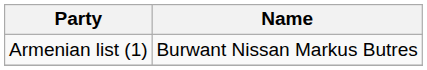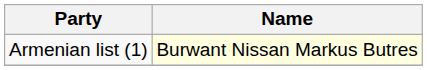 <table class=wikitable>
 <tr>
 <th>Party</th>
 <th>Name</th>
 </tr>
 <tr>
 <td rowspan=1>Armenian list (1)</td>
-<td>Burwant Nissan Markus Butres</td>
+<td style="background: lightyellow;">Burwant Nissan Markus Butres</td>
 </tr>
 <tr>
 </tr>
 </table>
